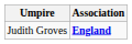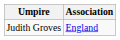 <table class="wikitable collapsible">
 <tr>
 <th>Umpire</th>
 <th>Association</th>
 </tr>
 <tr>
 <td>Judith Groves</td>
-<td><strong><a href='#'>England</a></strong></td>
+<td><a href='#'>England</a></td>
 </tr>
 </table>
